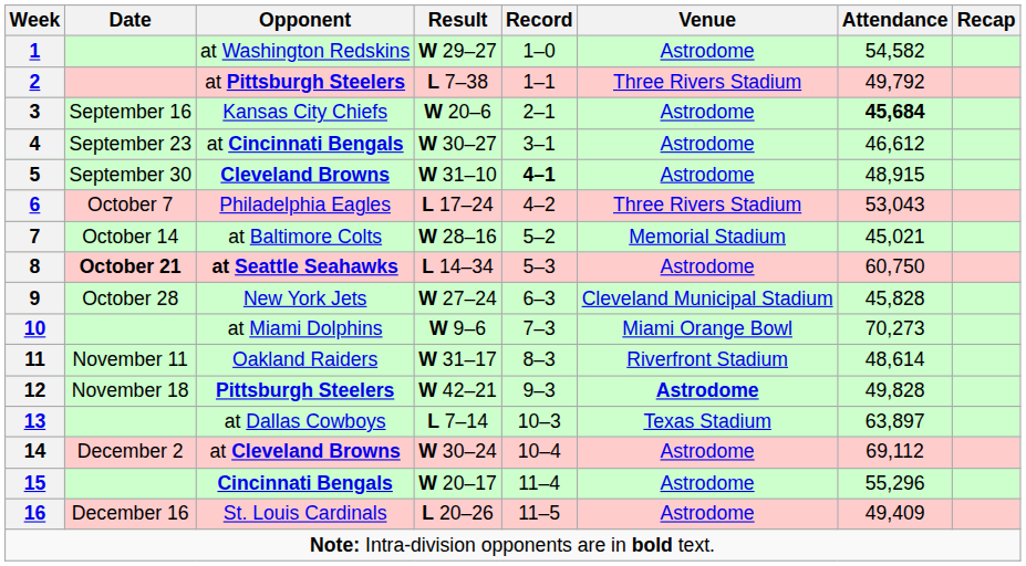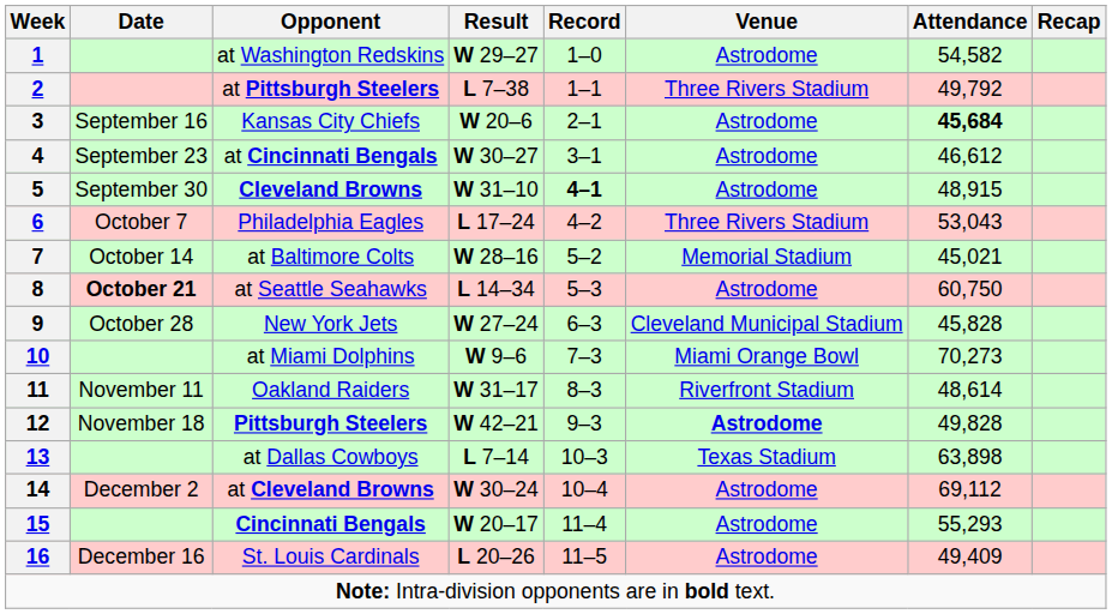 <table class="wikitable" style="text-align:center">
 <tr>
 <th>Week</th>
 <th>Date</th>
 <th>Opponent</th>
 <th>Result</th>
 <th>Record</th>
 <th>Venue</th>
 <th>Attendance</th>
 <th>Recap</th>
 </tr>
 <tr style="background:#cfc">
 <th><a href='#'>1</a></th>
 <td></td>
 <td>at <a href='#'>Washington Redskins</a></td>
 <td><strong>W</strong> 29–27</td>
 <td>1–0</td>
 <td><a href='#'>Astrodome</a></td>
 <td>54,582</td>
 <td></td>
 </tr>
 <tr style="background:#fcc">
 <th><a href='#'>2</a></th>
 <td></td>
 <td>at <strong><a href='#'>Pittsburgh Steelers</a></strong></td>
 <td><strong>L</strong> 7–38</td>
 <td>1–1</td>
 <td><a href='#'>Three Rivers Stadium</a></td>
 <td>49,792</td>
 <td></td>
 </tr>
 <tr style="background:#cfc">
 <th>3</th>
 <td>September 16</td>
 <td><a href='#'>Kansas City Chiefs</a></td>
 <td><strong>W</strong> 20–6</td>
 <td>2–1</td>
 <td><a href='#'>Astrodome</a></td>
 <td><strong>45,684</strong></td>
 <td></td>
 </tr>
 <tr style="background:#cfc">
 <th>4</th>
 <td>September 23</td>
 <td>at <strong><a href='#'>Cincinnati Bengals</a></strong></td>
 <td><strong>W</strong> 30–27</td>
 <td>3–1</td>
 <td><a href='#'>Astrodome</a></td>
 <td>46,612</td>
 <td></td>
 </tr>
 <tr style="background:#cfc">
 <th>5</th>
 <td>September 30</td>
 <td><strong><a href='#'>Cleveland Browns</a></strong></td>
 <td><strong>W</strong> 31–10</td>
 <td><strong>4–1</strong></td>
 <td><a href='#'>Astrodome</a></td>
 <td>48,915</td>
 <td></td>
 </tr>
 <tr style="background:#fcc">
 <th><a href='#'>6</a></th>
 <td>October 7</td>
 <td><a href='#'>Philadelphia Eagles</a></td>
 <td><strong>L</strong> 17–24</td>
 <td>4–2</td>
 <td><a href='#'>Three Rivers Stadium</a></td>
 <td>53,043</td>
 <td></td>
 </tr>
 <tr style="background:#cfc">
 <th>7</th>
 <td>October 14</td>
 <td>at <a href='#'>Baltimore Colts</a></td>
 <td><strong>W</strong> 28–16</td>
 <td>5–2</td>
 <td><a href='#'>Memorial Stadium</a></td>
 <td>45,021</td>
 <td></td>
 </tr>
 <tr style="background:#fcc">
 <th>8</th>
 <td><strong>October 21</strong></td>
-<td><strong>at <a href='#'>Seattle Seahawks</a></strong></td>
+<td>at <a href='#'>Seattle Seahawks</a></td>
 <td><strong>L</strong> 14–34</td>
 <td>5–3</td>
 <td><a href='#'>Astrodome</a></td>
 <td>60,750</td>
 <td></td>
 </tr>
 <tr style="background:#cfc">
 <th>9</th>
 <td>October 28</td>
 <td><a href='#'>New York Jets</a></td>
 <td><strong>W</strong> 27–24</td>
 <td>6–3</td>
 <td><a href='#'>Cleveland Municipal Stadium</a></td>
 <td>45,828</td>
 <td></td>
 </tr>
 <tr style="background:#cfc">
 <th><a href='#'>10</a></th>
 <td></td>
 <td>at <a href='#'>Miami Dolphins</a></td>
 <td><strong>W</strong> 9–6</td>
 <td>7–3</td>
 <td><a href='#'>Miami Orange Bowl</a></td>
 <td>70,273</td>
 <td></td>
 </tr>
 <tr style="background:#cfc">
 <th>11</th>
 <td>November 11</td>
 <td><a href='#'>Oakland Raiders</a></td>
 <td><strong>W</strong> 31–17</td>
 <td>8–3</td>
 <td><a href='#'>Riverfront Stadium</a></td>
 <td>48,614</td>
 <td></td>
 </tr>
 <tr style="background:#cfc">
 <th>12</th>
 <td>November 18</td>
 <td><strong><a href='#'>Pittsburgh Steelers</a></strong></td>
 <td><strong>W</strong> 42–21</td>
 <td>9–3</td>
 <td><strong><a href='#'>Astrodome</a></strong></td>
 <td>49,828</td>
 <td></td>
 </tr>
 <tr style="background:#cfc">
 <th><a href='#'>13</a></th>
 <td></td>
 <td>at <a href='#'>Dallas Cowboys</a></td>
 <td><strong>L</strong> 7–14</td>
 <td>10–3</td>
 <td><a href='#'>Texas Stadium</a></td>
-<td>63,897</td>
+<td>63,898</td>
 <td></td>
 </tr>
 <tr style="background:#fcc">
 <th>14</th>
 <td>December 2</td>
 <td>at <strong><a href='#'>Cleveland Browns</a></strong></td>
 <td><strong>W</strong> 30–24</td>
 <td>10–4</td>
 <td><a href='#'>Astrodome</a></td>
 <td>69,112</td>
 <td></td>
 </tr>
 <tr style="background:#cfc">
 <th><a href='#'>15</a></th>
 <td></td>
 <td><strong><a href='#'>Cincinnati Bengals</a></strong></td>
 <td><strong>W</strong> 20–17</td>
 <td>11–4</td>
 <td><a href='#'>Astrodome</a></td>
-<td>55,296</td>
+<td>55,293</td>
 <td></td>
 </tr>
 <tr style="background:#fcc">
 <th><a href='#'>16</a></th>
 <td>December 16</td>
 <td><a href='#'>St. Louis Cardinals</a></td>
 <td><strong>L</strong> 20–26</td>
 <td>11–5</td>
 <td><a href='#'>Astrodome</a></td>
 <td>49,409</td>
 <td></td>
 </tr>
 <tr>
 <td colspan="11"><strong>Note:</strong> Intra-division opponents are in <strong>bold</strong> text.</td>
 </tr>
 </table>
